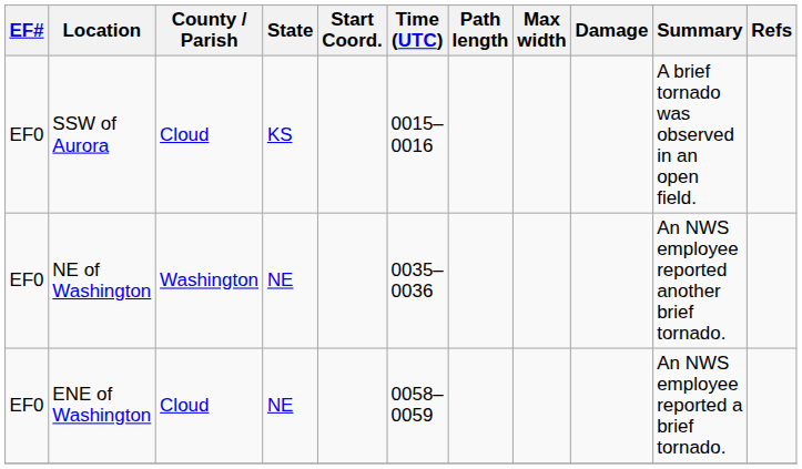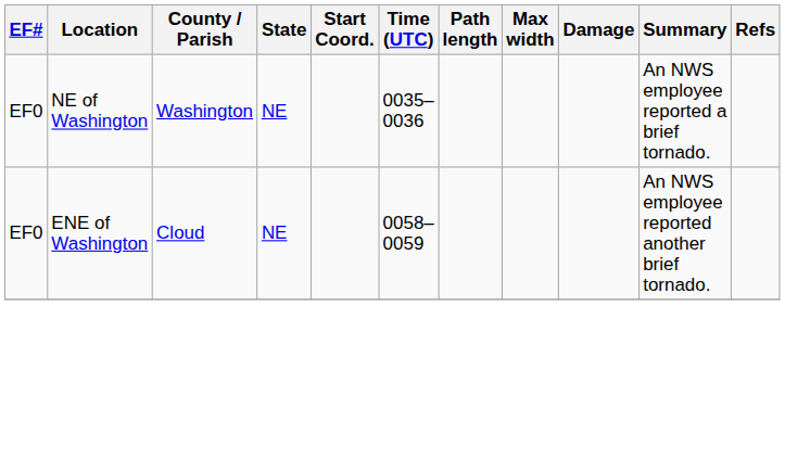 <table class="wikitable sortable" style="width:100%;">
 <tr>
 <th scope="col" width="3%" align="center"><a href='#'>EF#</a></th>
 <th scope="col" width="7%" align="center" class="unsortable">Location</th>
 <th scope="col" width="6%" align="center" class="unsortable">County / Parish</th>
 <th scope="col" width="5%" align="center">State</th>
 <th scope="col" width="6%" align="center">Start Coord.</th>
 <th scope="col" width="6%" align="center">Time (<a href='#'>UTC</a>)</th>
 <th scope="col" width="6%" align="center">Path length</th>
 <th scope="col" width="6%" align="center">Max width</th>
 <th scope="col" width="6%" align="center">Damage</th>
 <th scope="col" width="48%" class="unsortable" align="center">Summary</th>
 <th scope="col" width="48%" class="unsortable" align="center">Refs</th>
 </tr>
 <tr>
 <td>EF0</td>
-<td>SSW of <a href='#'>Aurora</a></td>
-<td><a href='#'>Cloud</a></td>
-<td><a href='#'>KS</a></td>
-<td></td>
-<td>0015–0016</td>
-<td></td>
-<td></td>
-<td></td>
-<td>A brief tornado was observed in an open field.</td>
-<td></td>
-</tr>
-<tr>
-<td>EF0</td>
 <td>NE of <a href='#'>Washington</a></td>
 <td><a href='#'>Washington</a></td>
 <td><a href='#'>NE</a></td>
 <td></td>
 <td>0035–0036</td>
 <td></td>
 <td></td>
 <td></td>
-<td>An NWS employee reported another brief tornado.</td>
+<td>An NWS employee reported a brief tornado.</td>
 <td></td>
 </tr>
 <tr>
 <td>EF0</td>
 <td>ENE of <a href='#'>Washington</a></td>
 <td><a href='#'>Cloud</a></td>
 <td><a href='#'>NE</a></td>
 <td></td>
 <td>0058–0059</td>
 <td></td>
 <td></td>
 <td></td>
-<td>An NWS employee reported a brief tornado.</td>
+<td>An NWS employee reported another brief tornado.</td>
 <td></td>
 </tr>
 <tr>
 </tr>
 </table>
